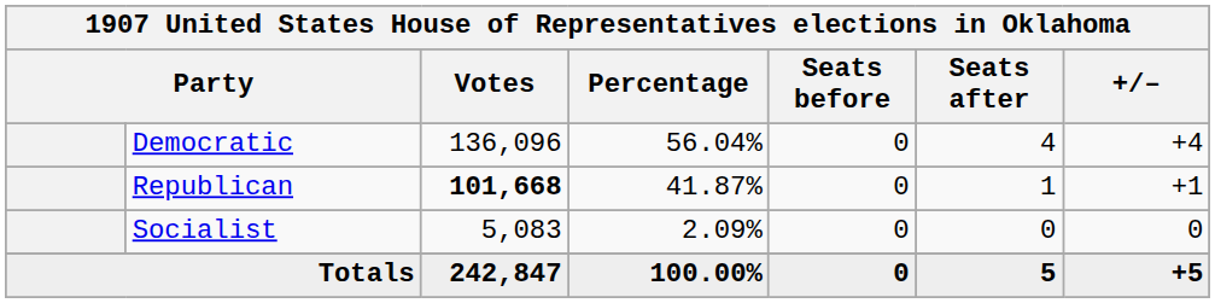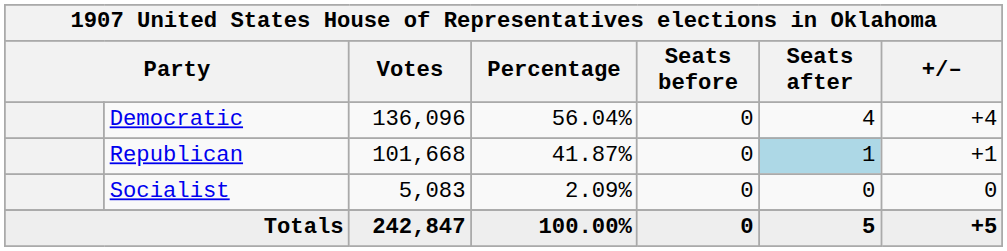 <table class="wikitable" style="font-size: 95%;">
 <tr>
 <th colspan="7">1907 United States House of Representatives elections in Oklahoma</th>
 </tr>
 <tr>
 <th colspan=2 style="width: 15em">Party</th>
 <th style="width: 5em">Votes</th>
 <th style="width: 7em">Percentage</th>
 <th style="width: 5em">Seats before</th>
 <th style="width: 5em">Seats after</th>
 <th style="width: 5em">+/–</th>
 </tr>
 <tr>
 <th style="background-color:"></th>
 <td style="width: 130px"><a href='#'>Democratic</a></td>
 <td align="right">136,096</td>
 <td align="right">56.04%</td>
 <td align="right">0</td>
 <td align="right">4</td>
 <td align="right">+4</td>
 </tr>
 <tr>
 <th style="background-color:"></th>
 <td style="width: 130px"><a href='#'>Republican</a></td>
-<td align="right"><strong>101,668</strong></td>
+<td align="right">101,668</td>
 <td align="right">41.87%</td>
 <td align="right">0</td>
-<td align="right">1</td>
+<td align="right" style="background: lightblue;">1</td>
 <td align="right">+1</td>
 </tr>
 <tr>
 <th style="background-color:"></th>
 <td style="width: 130px"><a href='#'>Socialist</a></td>
 <td align="right">5,083</td>
 <td align="right">2.09%</td>
 <td align="right">0</td>
 <td align="right">0</td>
 <td align="right">0</td>
 </tr>
 <tr>
 </tr>
 <tr bgcolor="#EEEEEE">
 <td colspan="2" align="right"><strong>Totals</strong></td>
 <td align="right"><strong>242,847</strong></td>
 <td align="right"><strong>100.00%</strong></td>
 <td align="right"><strong>0</strong></td>
 <td align="right"><strong>5</strong></td>
 <td align="right"><strong>+5</strong></td>
 </tr>
 </table>
